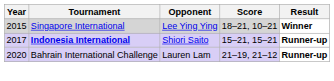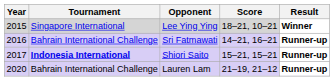 <table class="sortable wikitable" style="font-size: 90%;">
 <tr>
 <th>Year</th>
 <th>Tournament</th>
 <th>Opponent</th>
 <th>Score</th>
 <th>Result</th>
 </tr>
 <tr style="background:#D5D5D5">
 <td align="center">2015</td>
 <td align="left"><a href='#'>Singapore International</a></td>
 <td align="left"> <a href='#'>Lee Ying Ying</a></td>
 <td align="left">18–21, 10–21</td>
 <td style="text-align:left; background:white"> <strong>Winner</strong></td>
 </tr>
 <tr style="background:#D8CEF6">
+<td align="center">2016</td>
+<td align="left"><a href='#'>Bahrain International Challenge</a></td>
+<td align="left"> <a href='#'>Sri Fatmawati</a></td>
+<td align="left">14–21, 16–21</td>
+<td style="text-align:left; background:white"> <strong>Runner-up</strong></td>
+</tr>
+<tr style="background:#D8CEF6">
 <td align="center">2017</td>
 <td align="left"><strong><a href='#'>Indonesia International</a></strong></td>
 <td align="left"> <a href='#'>Shiori Saito</a></td>
 <td align="left">15–21, 15–21</td>
 <td style="text-align:left; background:white"> <strong>Runner-up</strong></td>
 </tr>
 <tr style="background:#D8CEF6">
 <td align="center">2020</td>
 <td align="left">Bahrain International Challenge</td>
 <td align="left"> Lauren Lam</td>
 <td align="left">21–19, 21–12</td>
 <td style="text-align:left; background:white"> <strong>Runner-up</strong></td>
 </tr>
 </table>
